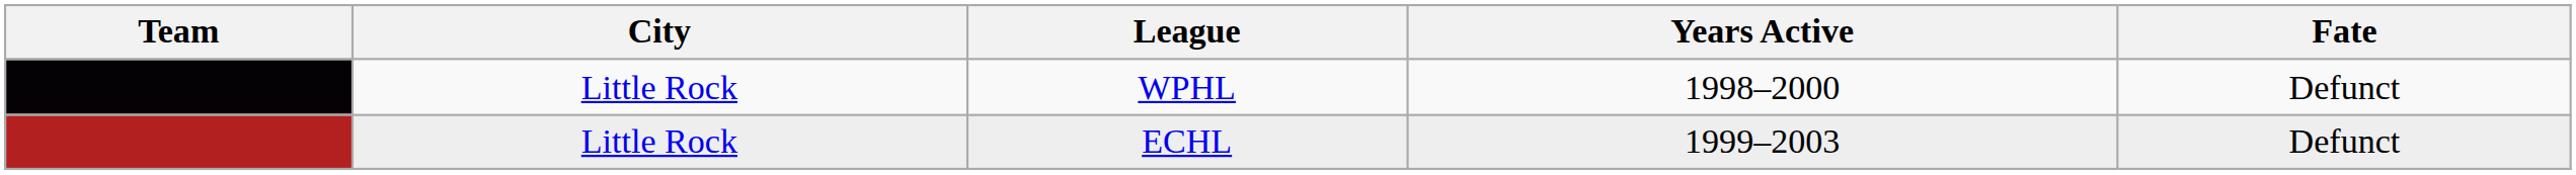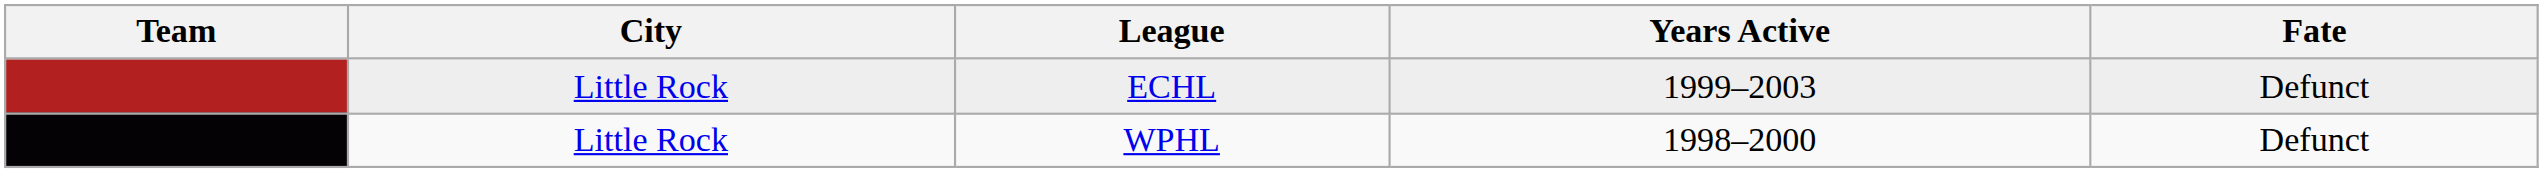 <table class="wikitable sortable" width="60%">
 <tr>
 <th>Team</th>
 <th>City</th>
 <th>League</th>
 <th>Years Active</th>
 <th>Fate</th>
 </tr>
+<tr align=center bgcolor=eeeeee>
+<td style="color:white; background:#b22020; "><strong><a href='#'></a></strong></td>
+<td><a href='#'>Little Rock</a></td>
+<td><a href='#'>ECHL</a></td>
+<td>1999–2003</td>
+<td>Defunct</td>
+</tr>
 <tr align=center>
 <td style="color:white; background:#050206; "><strong><a href='#'></a></strong></td>
 <td><a href='#'>Little Rock</a></td>
 <td><a href='#'>WPHL</a></td>
 <td>1998–2000</td>
 <td>Defunct</td>
 </tr>
-<tr align=center bgcolor=eeeeee>
-<td style="color:white; background:#b22020; "><strong><a href='#'></a></strong></td>
-<td><a href='#'>Little Rock</a></td>
-<td><a href='#'>ECHL</a></td>
-<td>1999–2003</td>
-<td>Defunct</td>
-</tr>
 </table>
